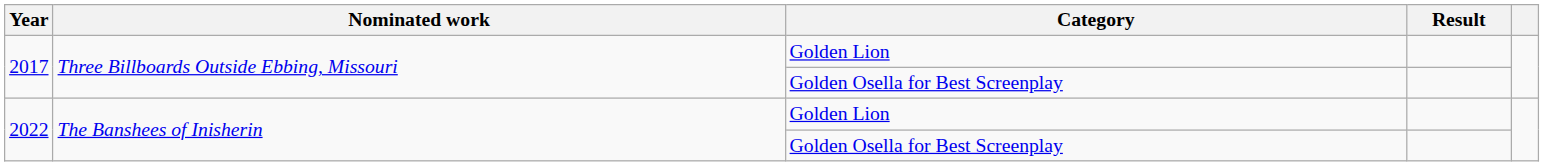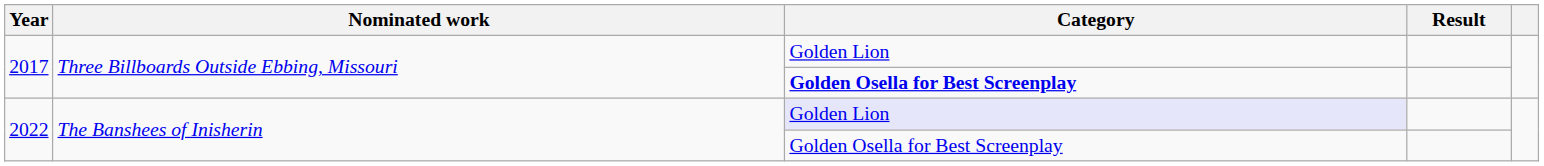 <table class="wikitable">
 <tr>
 <th scope="col" style="width:1em;">Year</th>
 <th scope="col" style="width:39em;">Nominated work</th>
 <th scope="col" style="width:33em;">Category</th>
 <th scope="col" style="width:5em;">Result</th>
 <th scope="col" style="width:1em;"></th>
 </tr>
 <tr>
 <td rowspan="2"><a href='#'>2017</a></td>
 <td rowspan="2"><em><a href='#'>Three Billboards Outside Ebbing, Missouri</a></em></td>
 <td><a href='#'>Golden Lion</a></td>
 <td></td>
 <td rowspan="2" style="text-align:center;"></td>
 </tr>
 <tr>
-<td><a href='#'>Golden Osella for Best Screenplay</a></td>
+<td><strong><a href='#'>Golden Osella for Best Screenplay</a></strong></td>
 <td></td>
 </tr>
 <tr>
 <td rowspan="2"><a href='#'>2022</a></td>
 <td rowspan="2"><em><a href='#'>The Banshees of Inisherin</a></em></td>
-<td><a href='#'>Golden Lion</a></td>
+<td style="background: lavender;"><a href='#'>Golden Lion</a></td>
 <td></td>
 <td rowspan="2" style="text-align:center;"></td>
 </tr>
 <tr>
 <td><a href='#'>Golden Osella for Best Screenplay</a></td>
 <td></td>
 </tr>
 </table>
